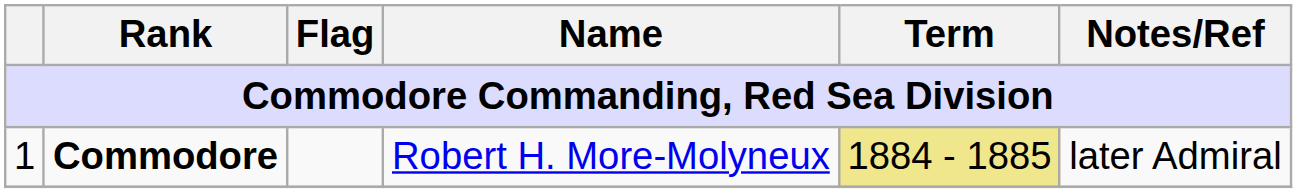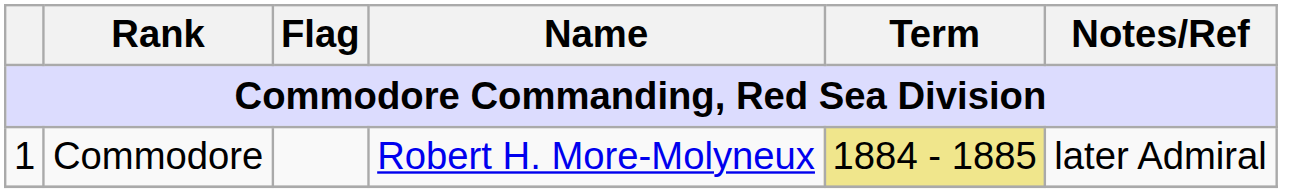 <table class="wikitable">
 <tr>
 <th></th>
 <th>Rank</th>
 <th>Flag</th>
 <th>Name</th>
 <th>Term</th>
 <th>Notes/Ref</th>
 </tr>
 <tr>
 <td colspan="6" align="center" style="background:#dcdcfe;"><strong>Commodore Commanding, Red Sea Division</strong></td>
 </tr>
 <tr>
 <td>1</td>
-<td><strong>Commodore</strong></td>
+<td>Commodore</td>
 <td></td>
 <td><a href='#'>Robert H. More-Molyneux</a></td>
 <td style="background: khaki;">1884 - 1885</td>
 <td> later Admiral</td>
 </tr>
 <tr>
 </tr>
 </table>
